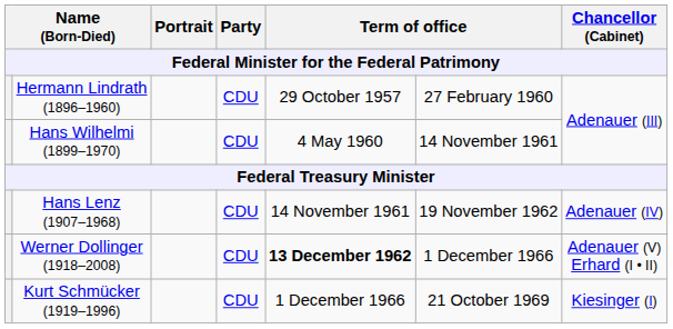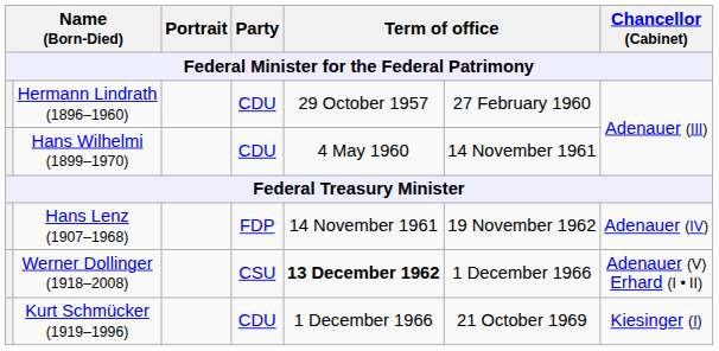 <table class="wikitable" style="text-align:center;">
 <tr>
 <th colspan=2>Name<br><small>(Born-Died)</small></th>
 <th>Portrait</th>
 <th>Party</th>
 <th colspan=2>Term of office</th>
 <th><a href='#'>Chancellor</a><br><small>(Cabinet)</small></th>
 </tr>
 <tr>
 <th colspan="7" style="background:#EEEEFF">Federal Minister for the Federal Patrimony</th>
 </tr>
 <tr>
 <th style="background:"></th>
 <td><a href='#'>Hermann Lindrath</a><br><small>(1896–1960)</small></td>
 <td></td>
 <td><a href='#'>CDU</a></td>
 <td>29 October 1957</td>
 <td>27 February 1960</td>
 <td rowspan=2><a href='#'>Adenauer</a> <small>(<a href='#'>III</a>)</small></td>
 </tr>
 <tr>
 <th style="background:"></th>
 <td><a href='#'>Hans Wilhelmi</a><br><small>(1899–1970)</small></td>
 <td></td>
 <td><a href='#'>CDU</a></td>
 <td>4 May 1960</td>
 <td>14 November 1961</td>
 </tr>
 <tr>
 <th colspan="7" style="background:#EEEEFF">Federal Treasury Minister</th>
 </tr>
 <tr>
 <th style="background:"></th>
 <td><a href='#'>Hans Lenz</a><br><small>(1907–1968)</small></td>
 <td></td>
-<td><a href='#'>CDU</a></td>
+<td><a href='#'>FDP</a></td>
 <td>14 November 1961</td>
 <td>19 November 1962</td>
 <td><a href='#'>Adenauer</a> <small>(<a href='#'>IV</a>)</small></td>
 </tr>
 <tr>
 <th style="background:"></th>
 <td><a href='#'>Werner Dollinger</a><br><small>(1918–2008)</small></td>
 <td></td>
-<td><a href='#'>CDU</a></td>
+<td><a href='#'>CSU</a></td>
 <td><strong>13 December 1962</strong></td>
 <td>1 December 1966</td>
 <td><a href='#'>Adenauer</a> <small>(V)</small><br> <a href='#'>Erhard</a> <small>(I • II)</small></td>
 </tr>
 <tr>
 <th style="background:"></th>
 <td><a href='#'>Kurt Schmücker</a><br><small>(1919–1996)</small></td>
 <td></td>
 <td><a href='#'>CDU</a></td>
 <td>1 December 1966</td>
 <td>21 October 1969</td>
 <td><a href='#'>Kiesinger</a> <small>(<a href='#'>I</a>)</small></td>
 </tr>
 </table>
